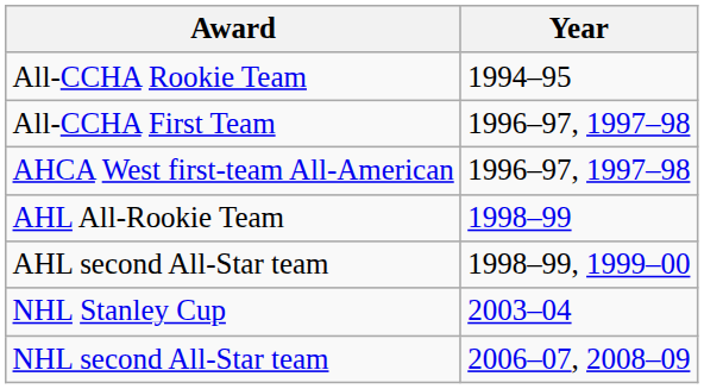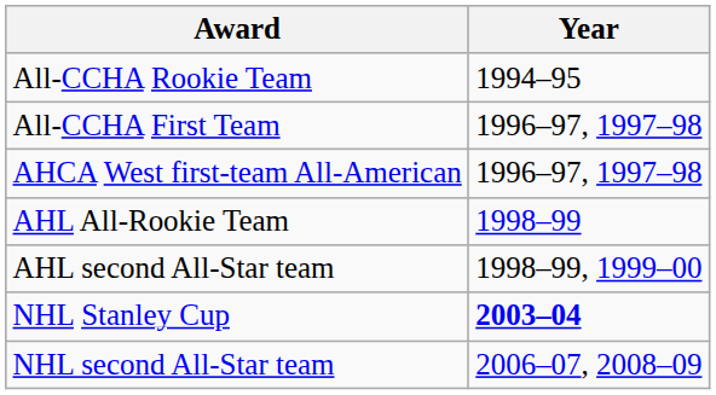 <table class="wikitable">
 <tr>
 <th>Award</th>
 <th>Year</th>
 </tr>
 <tr>
 <td>All-<a href='#'>CCHA</a> <a href='#'>Rookie Team</a></td>
 <td 1994–95 NCAA Division I men's ice hockey season>1994–95</td>
 </tr>
 <tr>
 <td>All-<a href='#'>CCHA</a> <a href='#'>First Team</a></td>
 <td 1996–97 NCAA Division I men's ice hockey season>1996–97, <a href='#'>1997–98</a></td>
 </tr>
 <tr>
 <td><a href='#'>AHCA</a> <a href='#'>West first-team All-American</a></td>
 <td 1996–97 NCAA Division I men's ice hockey season>1996–97, <a href='#'>1997–98</a></td>
 </tr>
 <tr>
 <td><a href='#'>AHL</a> All-Rookie Team</td>
 <td><a href='#'>1998–99</a></td>
 </tr>
 <tr>
 <td>AHL second All-Star team</td>
 <td>1998–99, <a href='#'>1999–00</a></td>
 </tr>
 <tr>
 <td><a href='#'>NHL</a> <a href='#'>Stanley Cup</a></td>
-<td><a href='#'>2003–04</a></td>
+<td><strong><a href='#'>2003–04</a></strong></td>
 </tr>
 <tr>
 <td><a href='#'>NHL second All-Star team</a></td>
 <td><a href='#'>2006–07</a>, <a href='#'>2008–09</a></td>
 </tr>
 </table>
